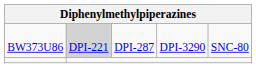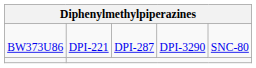 <table class="wikitable" style="font-size:smaller; text-align:center">
 <tr>
 <th colspan="5">Diphenylmethylpiperazines</th>
 </tr>
 <tr>
 <td><br><a href='#'>BW373U86</a></td>
-<td style="background: lightgrey;"><br><a href='#'>DPI-221</a></td>
+<td><br><a href='#'>DPI-221</a></td>
 <td><br><a href='#'>DPI-287</a></td>
 <td><br><a href='#'>DPI-3290</a></td>
 <td><br><a href='#'>SNC-80</a></td>
 </tr>
 <tr>
 <td></td>
 </tr>
 </table>
